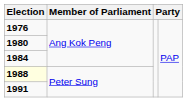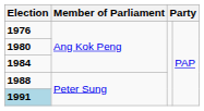 <table class="wikitable">
 <tr>
 <th>Election</th>
 <th>Member of Parliament</th>
 <th colspan="2">Party</th>
 </tr>
 <tr>
 <td><strong>1976</strong></td>
 <td rowspan="3"><a href='#'>Ang Kok Peng</a></td>
 <td rowspan="5"></td>
 <td rowspan="5"><a href='#'>PAP</a></td>
 </tr>
 <tr>
 <td><strong>1980</strong></td>
 </tr>
 <tr>
 <td><strong>1984</strong></td>
 </tr>
 <tr>
-<td style="background: lightyellow;"><strong>1988</strong></td>
+<td><strong>1988</strong></td>
 <td rowspan="2"><a href='#'>Peter Sung</a></td>
 </tr>
 <tr>
-<td><strong>1991</strong></td>
+<td style="background: lightblue;"><strong>1991</strong></td>
 </tr>
 </table>
